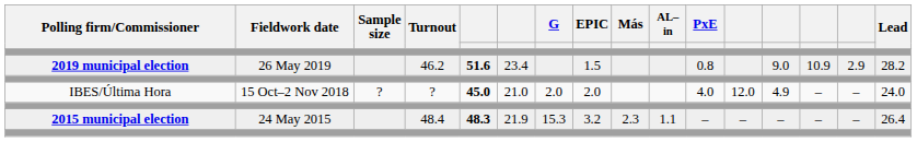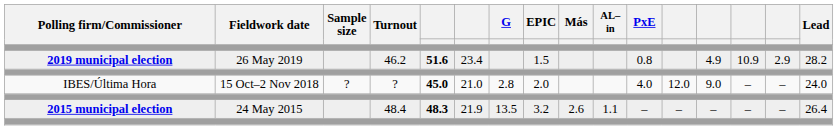 <table class="wikitable collapsible collapsed" style="text-align:center; font-size:95%; line-height:16px;">
 <tr style="height:42px;">
 <th style="width:250px;" rowspan="2">Polling firm/Commissioner</th>
 <th style="width:125px;" rowspan="2">Fieldwork date</th>
 <th style="width:50px;" rowspan="2">Sample size</th>
 <th style="width:45px;" rowspan="2">Turnout</th>
 <th style="width:35px;"></th>
 <th style="width:35px;"></th>
 <th style="width:35px;"><a href='#'>G</a></th>
 <th style="width:35px;">EPIC</th>
 <th style="width:35px;">Más</th>
 <th style="width:35px; font-size:85%">AL–in</th>
 <th style="width:35px;"><a href='#'>PxE</a></th>
 <th style="width:35px;"></th>
 <th style="width:35px;"></th>
 <th style="width:35px;"></th>
 <th style="width:35px;"></th>
 <th style="width:30px;" rowspan="2">Lead</th>
 </tr>
 <tr>
 <th style="color:inherit;background:"></th>
 <th style="color:inherit;background:"></th>
 <th style="color:inherit;background:"></th>
 <th style="color:inherit;background:"></th>
 <th style="color:inherit;background:"></th>
 <th style="color:inherit;background:"></th>
 <th style="color:inherit;background:"></th>
 <th style="color:inherit;background:"></th>
 <th style="color:inherit;background:"></th>
 <th style="color:inherit;background:"></th>
 <th style="color:inherit;background:"></th>
 </tr>
 <tr>
 <td colspan="16" style="background:#A0A0A0"></td>
 </tr>
 <tr style="background:#EFEFEF;">
 <td><strong><a href='#'>2019 municipal election</a></strong></td>
 <td>26 May 2019</td>
 <td></td>
 <td>46.2</td>
 <td><strong>51.6</strong><br></td>
 <td>23.4<br></td>
 <td></td>
 <td>1.5<br></td>
 <td></td>
 <td></td>
 <td>0.8<br></td>
 <td></td>
-<td>9.0<br></td>
+<td>4.9<br></td>
 <td>10.9<br></td>
 <td>2.9<br></td>
 <td style="background:">28.2</td>
 </tr>
 <tr>
 <td colspan="16" style="background:#A0A0A0"></td>
 </tr>
 <tr>
 <td>IBES/Última Hora</td>
 <td>15 Oct–2 Nov 2018</td>
 <td>?</td>
 <td>?</td>
 <td><strong>45.0</strong><br></td>
 <td>21.0<br></td>
-<td>2.0<br></td>
+<td>2.8<br></td>
 <td>2.0<br></td>
 <td></td>
 <td></td>
 <td>4.0<br></td>
 <td>12.0<br></td>
-<td>4.9<br></td>
+<td>9.0<br></td>
 <td>–</td>
 <td>–</td>
 <td style="background:">24.0</td>
 </tr>
 <tr>
 <td colspan="16" style="background:#A0A0A0"></td>
 </tr>
 <tr style="background:#EFEFEF;">
 <td><strong><a href='#'>2015 municipal election</a></strong></td>
 <td>24 May 2015</td>
 <td></td>
 <td>48.4</td>
 <td><strong>48.3</strong><br></td>
 <td>21.9<br></td>
-<td>15.3<br></td>
+<td>13.5<br></td>
 <td>3.2<br></td>
-<td>2.3<br></td>
+<td>2.6<br></td>
 <td>1.1<br></td>
 <td>–</td>
 <td>–</td>
 <td>–</td>
 <td>–</td>
 <td>–</td>
 <td style="background:">26.4</td>
 </tr>
 <tr>
 <td colspan="16" style="background:#A0A0A0"></td>
 </tr>
 </table>
